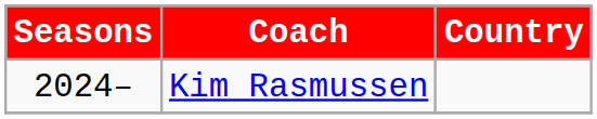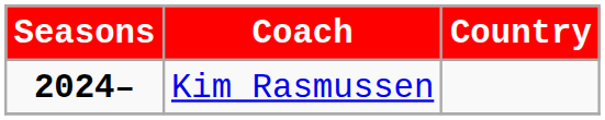 <table class="wikitable" style="text-align: center">
 <tr>
 <th style="color:#FFFFFF; background:#FF0000">Seasons</th>
 <th style="color:#FFFFFF; background:#FF0000">Coach</th>
 <th style="color:#FFFFFF; background:#FF0000">Country</th>
 </tr>
 <tr>
-<td style="text-align: center">2024–</td>
+<td style="text-align: center"><strong>2024–</strong></td>
 <td style="text-align: center"><a href='#'>Kim Rasmussen</a></td>
 <td style="text-align: center"></td>
 </tr>
 <tr>
 </tr>
 </table>
